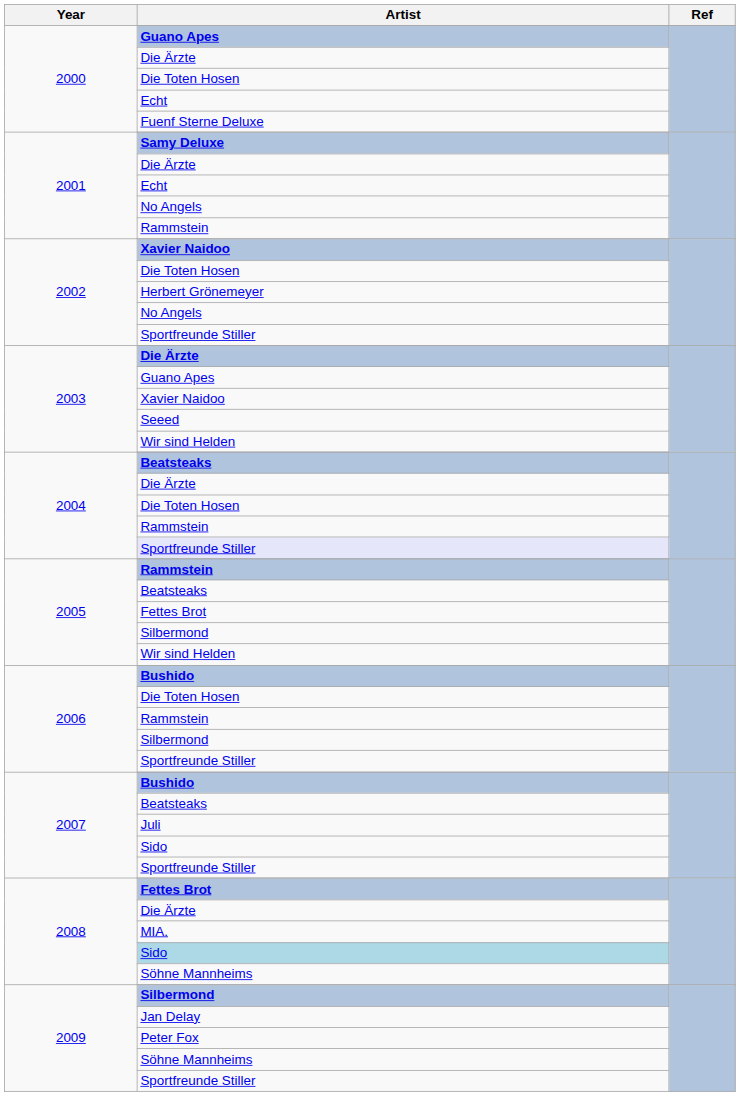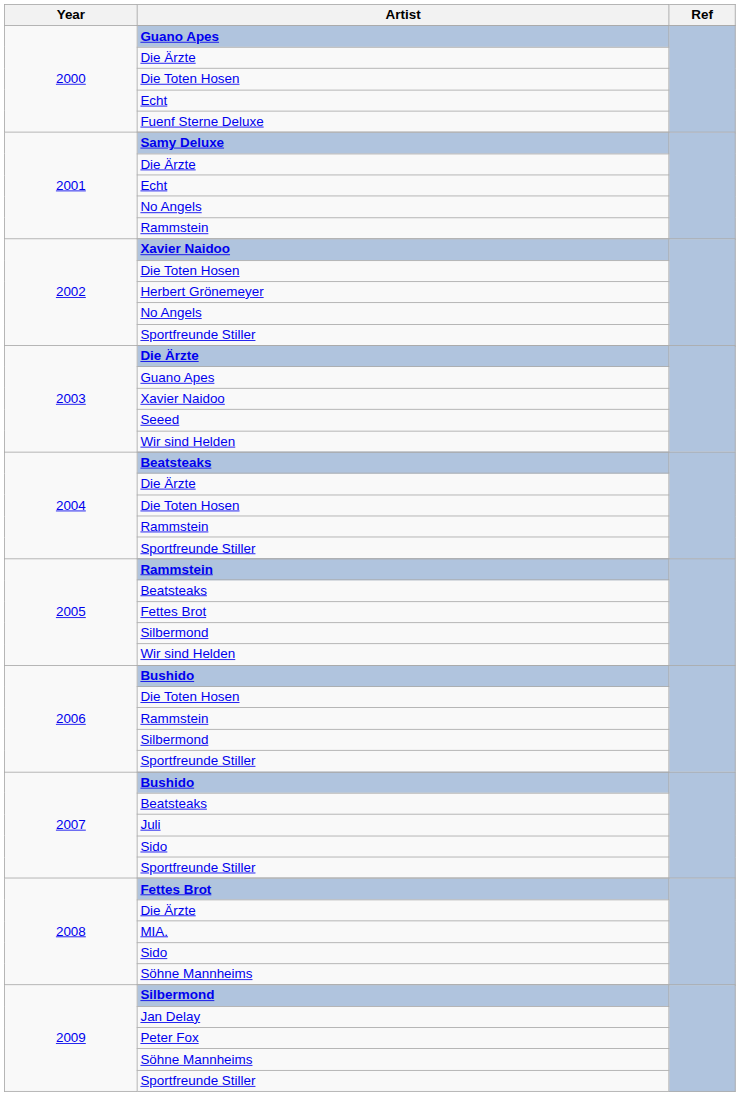 <table class="wikitable" style="width:55%;">
 <tr style="background:#bebebe;">
 <th style="width:10%;">Year</th>
 <th style="width:40%;">Artist</th>
 <th style="width:5%;">Ref</th>
 </tr>
 <tr>
 <td rowspan="6" align="center"><a href='#'>2000</a></td>
 </tr>
 <tr style="background:#B0C4DE">
 <td><strong><a href='#'>Guano Apes</a></strong></td>
 <td rowspan="6" align="center"></td>
 </tr>
 <tr>
 <td><a href='#'>Die Ärzte</a></td>
 </tr>
 <tr>
 <td><a href='#'>Die Toten Hosen</a></td>
 </tr>
 <tr>
 <td><a href='#'>Echt</a></td>
 </tr>
 <tr>
 <td><a href='#'>Fuenf Sterne Deluxe</a></td>
 </tr>
 <tr>
 <td rowspan="6" align="center"><a href='#'>2001</a></td>
 </tr>
 <tr style="background:#B0C4DE">
 <td><strong><a href='#'>Samy Deluxe</a></strong></td>
 <td rowspan="6" align="center"></td>
 </tr>
 <tr>
 <td><a href='#'>Die Ärzte</a></td>
 </tr>
 <tr>
 <td><a href='#'>Echt</a></td>
 </tr>
 <tr>
 <td><a href='#'>No Angels</a></td>
 </tr>
 <tr>
 <td><a href='#'>Rammstein</a></td>
 </tr>
 <tr>
 <td rowspan="6" align="center"><a href='#'>2002</a></td>
 </tr>
 <tr style="background:#B0C4DE">
 <td><strong><a href='#'>Xavier Naidoo</a></strong></td>
 <td rowspan="6" align="center"></td>
 </tr>
 <tr>
 <td><a href='#'>Die Toten Hosen</a></td>
 </tr>
 <tr>
 <td><a href='#'>Herbert Grönemeyer</a></td>
 </tr>
 <tr>
 <td><a href='#'>No Angels</a></td>
 </tr>
 <tr>
 <td><a href='#'>Sportfreunde Stiller</a></td>
 </tr>
 <tr>
 <td rowspan="6" align="center"><a href='#'>2003</a></td>
 </tr>
 <tr style="background:#B0C4DE">
 <td><strong><a href='#'>Die Ärzte</a></strong></td>
 <td rowspan="6" align="center"></td>
 </tr>
 <tr>
 <td><a href='#'>Guano Apes</a></td>
 </tr>
 <tr>
 <td><a href='#'>Xavier Naidoo</a></td>
 </tr>
 <tr>
 <td><a href='#'>Seeed</a></td>
 </tr>
 <tr>
 <td><a href='#'>Wir sind Helden</a></td>
 </tr>
 <tr>
 <td rowspan="6" align="center"><a href='#'>2004</a></td>
 </tr>
 <tr style="background:#B0C4DE">
 <td><strong><a href='#'>Beatsteaks</a></strong></td>
 <td rowspan="6" align="center"></td>
 </tr>
 <tr>
 <td><a href='#'>Die Ärzte</a></td>
 </tr>
 <tr>
 <td><a href='#'>Die Toten Hosen</a></td>
 </tr>
 <tr>
 <td><a href='#'>Rammstein</a></td>
 </tr>
 <tr>
-<td style="background: lavender;"><a href='#'>Sportfreunde Stiller</a></td>
+<td><a href='#'>Sportfreunde Stiller</a></td>
 </tr>
 <tr>
 <td rowspan="6" align="center"><a href='#'>2005</a></td>
 </tr>
 <tr style="background:#B0C4DE">
 <td><strong><a href='#'>Rammstein</a></strong></td>
 <td rowspan="6" align="center"></td>
 </tr>
 <tr>
 <td><a href='#'>Beatsteaks</a></td>
 </tr>
 <tr>
 <td><a href='#'>Fettes Brot</a></td>
 </tr>
 <tr>
 <td><a href='#'>Silbermond</a></td>
 </tr>
 <tr>
 <td><a href='#'>Wir sind Helden</a></td>
 </tr>
 <tr>
 <td rowspan="6" align="center"><a href='#'>2006</a></td>
 </tr>
 <tr style="background:#B0C4DE">
 <td><strong><a href='#'>Bushido</a></strong></td>
 <td rowspan="6" align="center"></td>
 </tr>
 <tr>
 <td><a href='#'>Die Toten Hosen</a></td>
 </tr>
 <tr>
 <td><a href='#'>Rammstein</a></td>
 </tr>
 <tr>
 <td><a href='#'>Silbermond</a></td>
 </tr>
 <tr>
 <td><a href='#'>Sportfreunde Stiller</a></td>
 </tr>
 <tr>
 <td rowspan="6" align="center"><a href='#'>2007</a></td>
 </tr>
 <tr style="background:#B0C4DE">
 <td><strong><a href='#'>Bushido</a></strong></td>
 <td rowspan="6" align="center"></td>
 </tr>
 <tr>
 <td><a href='#'>Beatsteaks</a></td>
 </tr>
 <tr>
 <td><a href='#'>Juli</a></td>
 </tr>
 <tr>
 <td><a href='#'>Sido</a></td>
 </tr>
 <tr>
 <td><a href='#'>Sportfreunde Stiller</a></td>
 </tr>
 <tr>
 <td rowspan="6" align="center"><a href='#'>2008</a></td>
 </tr>
 <tr style="background:#B0C4DE">
 <td><strong><a href='#'>Fettes Brot</a></strong></td>
 <td rowspan="6" align="center"></td>
 </tr>
 <tr>
 <td><a href='#'>Die Ärzte</a></td>
 </tr>
 <tr>
 <td><a href='#'>MIA.</a></td>
 </tr>
 <tr>
-<td style="background: lightblue;"><a href='#'>Sido</a></td>
+<td><a href='#'>Sido</a></td>
 </tr>
 <tr>
 <td><a href='#'>Söhne Mannheims</a></td>
 </tr>
 <tr>
 <td rowspan="6" align="center"><a href='#'>2009</a></td>
 </tr>
 <tr style="background:#B0C4DE">
 <td><strong><a href='#'>Silbermond</a></strong></td>
 <td rowspan="6" align="center"></td>
 </tr>
 <tr>
 <td><a href='#'>Jan Delay</a></td>
 </tr>
 <tr>
 <td><a href='#'>Peter Fox</a></td>
 </tr>
 <tr>
 <td><a href='#'>Söhne Mannheims</a></td>
 </tr>
 <tr>
 <td><a href='#'>Sportfreunde Stiller</a></td>
 </tr>
 </table>
